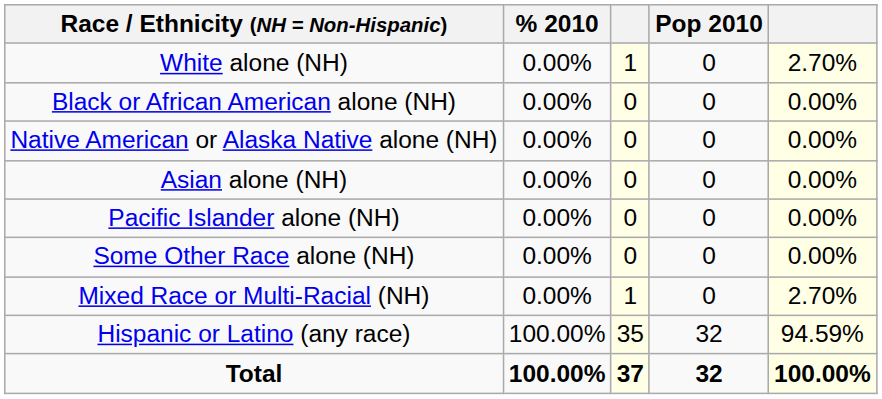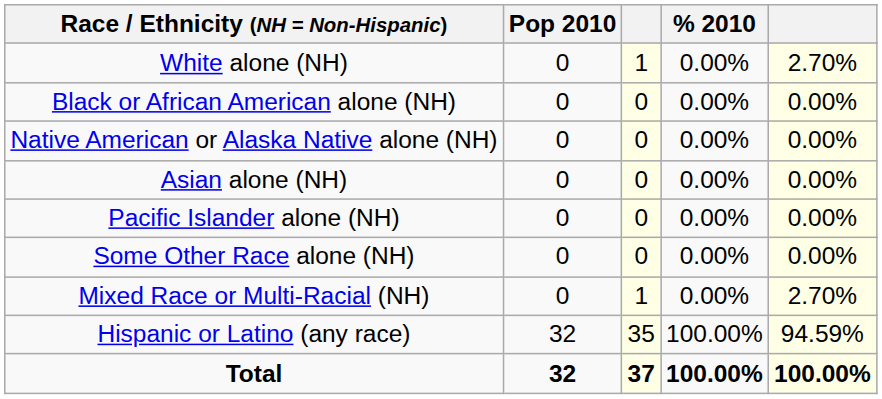 <table class="wikitable" style="text-align:center;">
 <tr>
 <th>Race / Ethnicity <small>(<em>NH = Non-Hispanic</em>)</small></th>
+<th>Pop 2010</th>
+<th></th>
 <th>% 2010</th>
-<th></th>
-<th>Pop 2010</th>
 <th></th>
 </tr>
 <tr>
 <td><a href='#'>White</a> alone (NH)</td>
+<td>0</td>
+<td style='background: #ffffe6;'>1</td>
 <td>0.00%</td>
-<td style='background: #ffffe6;'>1</td>
-<td>0</td>
 <td style='background: #ffffe6;'>2.70%</td>
 </tr>
 <tr>
 <td><a href='#'>Black or African American</a> alone (NH)</td>
+<td>0</td>
+<td style='background: #ffffe6;'>0</td>
 <td>0.00%</td>
-<td style='background: #ffffe6;'>0</td>
-<td>0</td>
 <td style='background: #ffffe6;'>0.00%</td>
 </tr>
 <tr>
 <td><a href='#'>Native American</a> or <a href='#'>Alaska Native</a> alone (NH)</td>
+<td>0</td>
+<td style='background: #ffffe6;'>0</td>
 <td>0.00%</td>
-<td style='background: #ffffe6;'>0</td>
-<td>0</td>
 <td style='background: #ffffe6;'>0.00%</td>
 </tr>
 <tr>
 <td><a href='#'>Asian</a> alone (NH)</td>
+<td>0</td>
+<td style='background: #ffffe6;'>0</td>
 <td>0.00%</td>
-<td style='background: #ffffe6;'>0</td>
-<td>0</td>
 <td style='background: #ffffe6;'>0.00%</td>
 </tr>
 <tr>
 <td><a href='#'>Pacific Islander</a> alone (NH)</td>
+<td>0</td>
+<td style='background: #ffffe6;'>0</td>
 <td>0.00%</td>
-<td style='background: #ffffe6;'>0</td>
-<td>0</td>
 <td style='background: #ffffe6;'>0.00%</td>
 </tr>
 <tr>
 <td><a href='#'>Some Other Race</a> alone (NH)</td>
+<td>0</td>
+<td style='background: #ffffe6;'>0</td>
 <td>0.00%</td>
-<td style='background: #ffffe6;'>0</td>
-<td>0</td>
 <td style='background: #ffffe6;'>0.00%</td>
 </tr>
 <tr>
 <td><a href='#'>Mixed Race or Multi-Racial</a> (NH)</td>
+<td>0</td>
+<td style='background: #ffffe6;'>1</td>
 <td>0.00%</td>
-<td style='background: #ffffe6;'>1</td>
-<td>0</td>
 <td style='background: #ffffe6;'>2.70%</td>
 </tr>
 <tr>
 <td><a href='#'>Hispanic or Latino</a> (any race)</td>
+<td>32</td>
+<td style='background: #ffffe6;'>35</td>
 <td>100.00%</td>
-<td style='background: #ffffe6;'>35</td>
-<td>32</td>
 <td style='background: #ffffe6;'>94.59%</td>
 </tr>
 <tr>
 <td><strong>Total</strong></td>
+<td><strong>32</strong></td>
+<td style='background: #ffffe6;'><strong>37</strong></td>
 <td><strong>100.00%</strong></td>
-<td style='background: #ffffe6;'><strong>37</strong></td>
-<td><strong>32</strong></td>
 <td style='background: #ffffe6;'><strong>100.00%</strong></td>
 </tr>
 </table>
